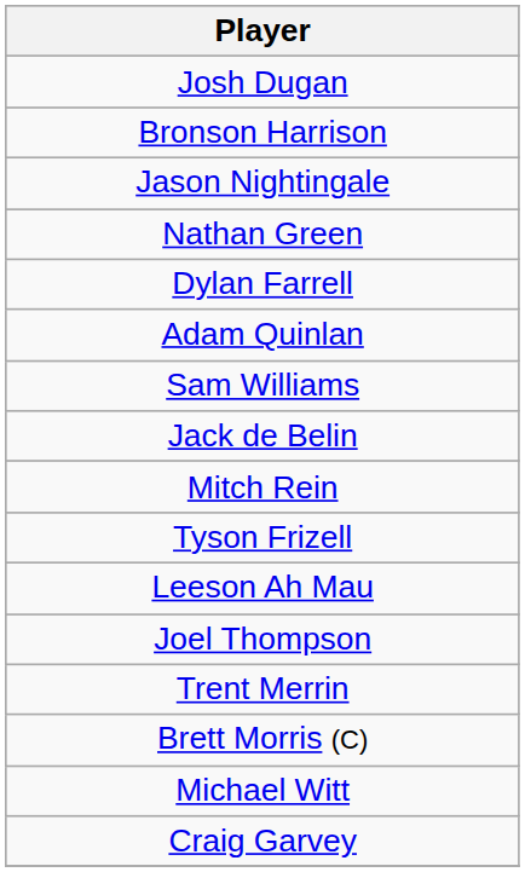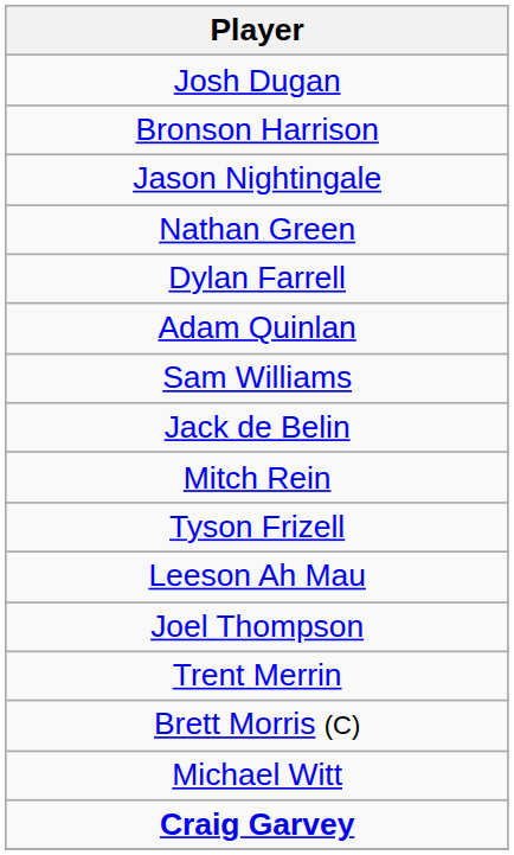 <table class="wikitable" style="text-align: center;">
 <tr>
 <th style="width:250px;">Player</th>
 </tr>
 <tr>
 <td><a href='#'>Josh Dugan</a></td>
 </tr>
 <tr>
 <td><a href='#'>Bronson Harrison</a></td>
 </tr>
 <tr>
 <td><a href='#'>Jason Nightingale</a></td>
 </tr>
 <tr>
 <td><a href='#'>Nathan Green</a></td>
 </tr>
 <tr>
 <td><a href='#'>Dylan Farrell</a></td>
 </tr>
 <tr>
 <td><a href='#'>Adam Quinlan</a></td>
 </tr>
 <tr>
 <td><a href='#'>Sam Williams</a></td>
 </tr>
 <tr>
 <td><a href='#'>Jack de Belin</a></td>
 </tr>
 <tr>
 <td><a href='#'>Mitch Rein</a></td>
 </tr>
 <tr>
 <td><a href='#'>Tyson Frizell</a></td>
 </tr>
 <tr>
 <td><a href='#'>Leeson Ah Mau</a></td>
 </tr>
 <tr>
 <td><a href='#'>Joel Thompson</a></td>
 </tr>
 <tr>
 <td><a href='#'>Trent Merrin</a></td>
 </tr>
 <tr>
 <td><a href='#'>Brett Morris</a> <small>(C)</small></td>
 </tr>
 <tr>
 <td><a href='#'>Michael Witt</a></td>
 </tr>
 <tr>
-<td><a href='#'>Craig Garvey</a></td>
+<td><strong><a href='#'>Craig Garvey</a></strong></td>
 </tr>
 <tr>
 </tr>
 </table>
